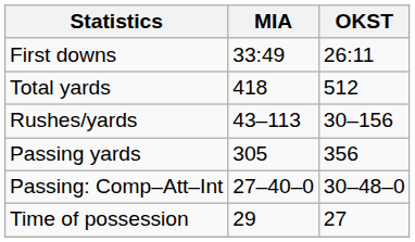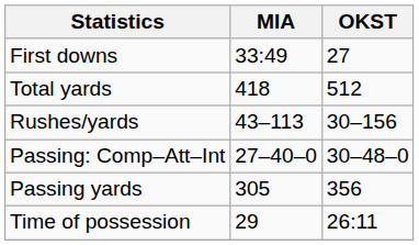 <table class="wikitable" style="float: left;">
 <tr>
 <th>Statistics</th>
 <th>MIA</th>
 <th>OKST</th>
 </tr>
 <tr>
 <td>First downs</td>
 <td>33:49</td>
-<td>26:11</td>
+<td>27</td>
 </tr>
 <tr>
 <td>Total yards</td>
 <td>418</td>
 <td>512</td>
 </tr>
 <tr>
 <td>Rushes/yards</td>
 <td>43–113</td>
 <td>30–156</td>
 </tr>
 <tr>
+<td>Passing: Comp–Att–Int</td>
+<td>27–40–0</td>
+<td>30–48–0</td>
+</tr>
+<tr>
 <td>Passing yards</td>
 <td>305</td>
 <td>356</td>
 </tr>
 <tr>
-<td>Passing: Comp–Att–Int</td>
-<td>27–40–0</td>
-<td>30–48–0</td>
-</tr>
-<tr>
 <td>Time of possession</td>
 <td>29</td>
-<td>27</td>
+<td>26:11</td>
 </tr>
 <tr>
 </tr>
 </table>
